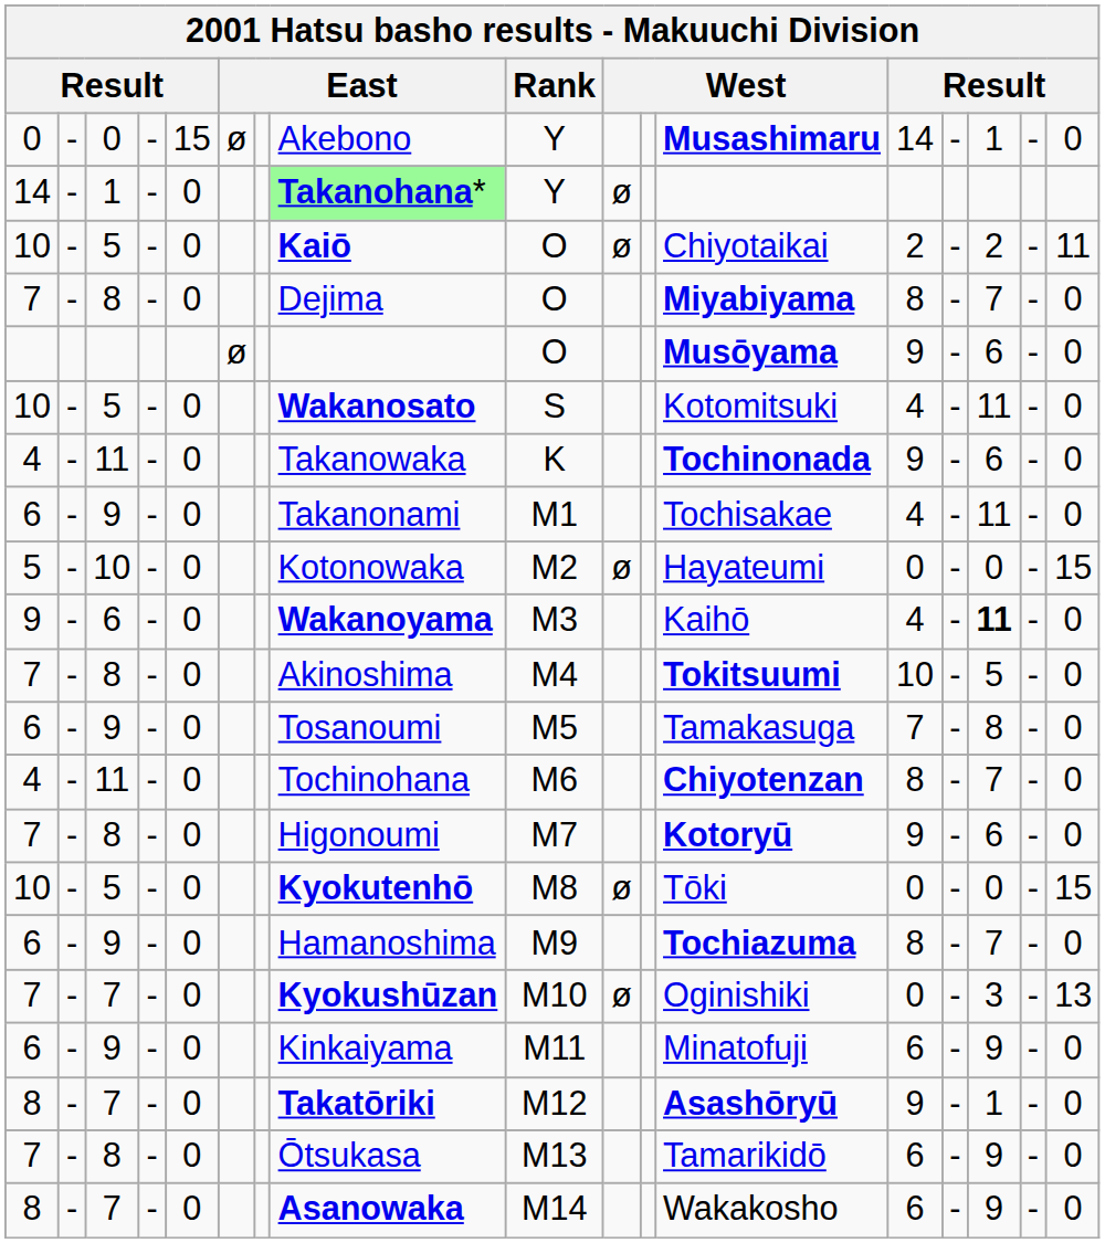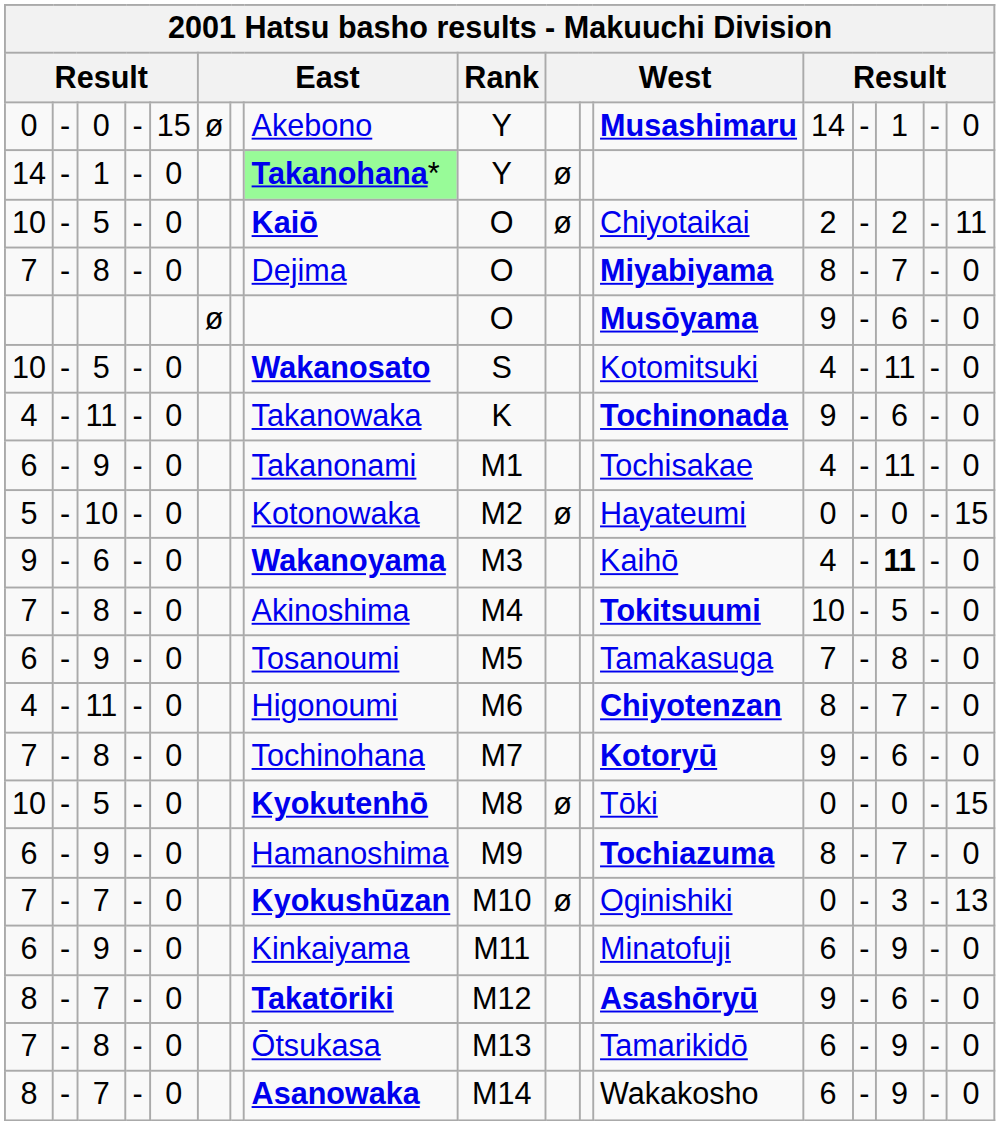 <table class="wikitable">
 <tr>
 <th colspan="17">2001 Hatsu basho results - Makuuchi Division</th>
 </tr>
 <tr>
 <th colspan="5">Result</th>
 <th colspan="3">East</th>
 <th>Rank</th>
 <th colspan="3">West</th>
 <th colspan="5">Result</th>
 </tr>
 <tr>
 <td align=center>0</td>
 <td align=center>-</td>
 <td align=center>0</td>
 <td align=center>-</td>
 <td align=center>15</td>
 <td align=center>ø</td>
 <td align=center></td>
 <td><a href='#'>Akebono</a></td>
 <td align=center>Y</td>
 <td align=center></td>
 <td align=center></td>
 <td><strong><a href='#'>Musashimaru</a></strong></td>
 <td align=center>14</td>
 <td align=center>-</td>
 <td align=center>1</td>
 <td align=center>-</td>
 <td align=center>0</td>
 </tr>
 <tr>
 <td align=center>14</td>
 <td align=center>-</td>
 <td align=center>1</td>
 <td align=center>-</td>
 <td align=center>0</td>
 <td align=center></td>
 <td align=center></td>
 <td style="background: PaleGreen;"><strong><a href='#'>Takanohana</a></strong>*</td>
 <td align=center>Y</td>
 <td align=center>ø</td>
 <td align=center></td>
 <td></td>
 <td align=center></td>
 <td align=center></td>
 <td align=center></td>
 <td align=center></td>
 <td align=center></td>
 </tr>
 <tr>
 <td align=center>10</td>
 <td align=center>-</td>
 <td align=center>5</td>
 <td align=center>-</td>
 <td align=center>0</td>
 <td align=center></td>
 <td align=center></td>
 <td><strong><a href='#'>Kaiō</a></strong></td>
 <td align=center>O</td>
 <td align=center>ø</td>
 <td align=center></td>
 <td><a href='#'>Chiyotaikai</a></td>
 <td align=center>2</td>
 <td align=center>-</td>
 <td align=center>2</td>
 <td align=center>-</td>
 <td align=center>11</td>
 </tr>
 <tr>
 <td align=center>7</td>
 <td align=center>-</td>
 <td align=center>8</td>
 <td align=center>-</td>
 <td align=center>0</td>
 <td align=center></td>
 <td align=center></td>
 <td><a href='#'>Dejima</a></td>
 <td align=center>O</td>
 <td align=center></td>
 <td align=center></td>
 <td><strong><a href='#'>Miyabiyama</a></strong></td>
 <td align=center>8</td>
 <td align=center>-</td>
 <td align=center>7</td>
 <td align=center>-</td>
 <td align=center>0</td>
 </tr>
 <tr>
 <td align=center></td>
 <td align=center></td>
 <td align=center></td>
 <td align=center></td>
 <td align=center></td>
 <td align=center>ø</td>
 <td align=center></td>
 <td></td>
 <td align=center>O</td>
 <td align=center></td>
 <td align=center></td>
 <td><strong><a href='#'>Musōyama</a></strong></td>
 <td align=center>9</td>
 <td align=center>-</td>
 <td align=center>6</td>
 <td align=center>-</td>
 <td align=center>0</td>
 </tr>
 <tr>
 <td align=center>10</td>
 <td align=center>-</td>
 <td align=center>5</td>
 <td align=center>-</td>
 <td align=center>0</td>
 <td align=center></td>
 <td align=center></td>
 <td><strong><a href='#'>Wakanosato</a></strong></td>
 <td align=center>S</td>
 <td align=center></td>
 <td align=center></td>
 <td><a href='#'>Kotomitsuki</a></td>
 <td align=center>4</td>
 <td align=center>-</td>
 <td align=center>11</td>
 <td align=center>-</td>
 <td align=center>0</td>
 </tr>
 <tr>
 <td align=center>4</td>
 <td align=center>-</td>
 <td align=center>11</td>
 <td align=center>-</td>
 <td align=center>0</td>
 <td align=center></td>
 <td align=center></td>
 <td><a href='#'>Takanowaka</a></td>
 <td align=center>K</td>
 <td align=center></td>
 <td align=center></td>
 <td><strong><a href='#'>Tochinonada</a></strong></td>
 <td align=center>9</td>
 <td align=center>-</td>
 <td align=center>6</td>
 <td align=center>-</td>
 <td align=center>0</td>
 </tr>
 <tr>
 <td align=center>6</td>
 <td align=center>-</td>
 <td align=center>9</td>
 <td align=center>-</td>
 <td align=center>0</td>
 <td align=center></td>
 <td align=center></td>
 <td><a href='#'>Takanonami</a></td>
 <td align=center>M1</td>
 <td align=center></td>
 <td align=center></td>
 <td><a href='#'>Tochisakae</a></td>
 <td align=center>4</td>
 <td align=center>-</td>
 <td align=center>11</td>
 <td align=center>-</td>
 <td align=center>0</td>
 </tr>
 <tr>
 <td align=center>5</td>
 <td align=center>-</td>
 <td align=center>10</td>
 <td align=center>-</td>
 <td align=center>0</td>
 <td align=center></td>
 <td align=center></td>
 <td><a href='#'>Kotonowaka</a></td>
 <td align=center>M2</td>
 <td align=center>ø</td>
 <td align=center></td>
 <td><a href='#'>Hayateumi</a></td>
 <td align=center>0</td>
 <td align=center>-</td>
 <td align=center>0</td>
 <td align=center>-</td>
 <td align=center>15</td>
 </tr>
 <tr>
 <td align=center>9</td>
 <td align=center>-</td>
 <td align=center>6</td>
 <td align=center>-</td>
 <td align=center>0</td>
 <td align=center></td>
 <td align=center></td>
 <td><strong><a href='#'>Wakanoyama</a></strong></td>
 <td align=center>M3</td>
 <td align=center></td>
 <td align=center></td>
 <td><a href='#'>Kaihō</a></td>
 <td align=center>4</td>
 <td align=center>-</td>
 <td align=center><strong>11</strong></td>
 <td align=center>-</td>
 <td align=center>0</td>
 </tr>
 <tr>
 <td align=center>7</td>
 <td align=center>-</td>
 <td align=center>8</td>
 <td align=center>-</td>
 <td align=center>0</td>
 <td align=center></td>
 <td align=center></td>
 <td><a href='#'>Akinoshima</a></td>
 <td align=center>M4</td>
 <td align=center></td>
 <td align=center></td>
 <td><strong><a href='#'>Tokitsuumi</a></strong></td>
 <td align=center>10</td>
 <td align=center>-</td>
 <td align=center>5</td>
 <td align=center>-</td>
 <td align=center>0</td>
 </tr>
 <tr>
 <td align=center>6</td>
 <td align=center>-</td>
 <td align=center>9</td>
 <td align=center>-</td>
 <td align=center>0</td>
 <td align=center></td>
 <td align=center></td>
 <td><a href='#'>Tosanoumi</a></td>
 <td align=center>M5</td>
 <td align=center></td>
 <td align=center></td>
 <td><a href='#'>Tamakasuga</a></td>
 <td align=center>7</td>
 <td align=center>-</td>
 <td align=center>8</td>
 <td align=center>-</td>
 <td align=center>0</td>
 </tr>
 <tr>
 <td align=center>4</td>
 <td align=center>-</td>
 <td align=center>11</td>
 <td align=center>-</td>
 <td align=center>0</td>
 <td align=center></td>
 <td align=center></td>
-<td><a href='#'>Tochinohana</a></td>
+<td><a href='#'>Higonoumi</a></td>
 <td align=center>M6</td>
 <td align=center></td>
 <td align=center></td>
 <td><strong><a href='#'>Chiyotenzan</a></strong></td>
 <td align=center>8</td>
 <td align=center>-</td>
 <td align=center>7</td>
 <td align=center>-</td>
 <td align=center>0</td>
 </tr>
 <tr>
 <td align=center>7</td>
 <td align=center>-</td>
 <td align=center>8</td>
 <td align=center>-</td>
 <td align=center>0</td>
 <td align=center></td>
 <td align=center></td>
-<td><a href='#'>Higonoumi</a></td>
+<td><a href='#'>Tochinohana</a></td>
 <td align=center>M7</td>
 <td align=center></td>
 <td align=center></td>
 <td><strong><a href='#'>Kotoryū</a></strong></td>
 <td align=center>9</td>
 <td align=center>-</td>
 <td align=center>6</td>
 <td align=center>-</td>
 <td align=center>0</td>
 </tr>
 <tr>
 <td align=center>10</td>
 <td align=center>-</td>
 <td align=center>5</td>
 <td align=center>-</td>
 <td align=center>0</td>
 <td align=center></td>
 <td align=center></td>
 <td><strong><a href='#'>Kyokutenhō</a></strong></td>
 <td align=center>M8</td>
 <td align=center>ø</td>
 <td align=center></td>
 <td><a href='#'>Tōki</a></td>
 <td align=center>0</td>
 <td align=center>-</td>
 <td align=center>0</td>
 <td align=center>-</td>
 <td align=center>15</td>
 </tr>
 <tr>
 <td align=center>6</td>
 <td align=center>-</td>
 <td align=center>9</td>
 <td align=center>-</td>
 <td align=center>0</td>
 <td align=center></td>
 <td align=center></td>
 <td><a href='#'>Hamanoshima</a></td>
 <td align=center>M9</td>
 <td align=center></td>
 <td align=center></td>
 <td><strong><a href='#'>Tochiazuma</a></strong></td>
 <td align=center>8</td>
 <td align=center>-</td>
 <td align=center>7</td>
 <td align=center>-</td>
 <td align=center>0</td>
 </tr>
 <tr>
 <td align=center>7</td>
 <td align=center>-</td>
 <td align=center>7</td>
 <td align=center>-</td>
 <td align=center>0</td>
 <td align=center></td>
 <td align=center></td>
 <td><strong><a href='#'>Kyokushūzan</a></strong></td>
 <td align=center>M10</td>
 <td align=center>ø</td>
 <td align=center></td>
 <td><a href='#'>Oginishiki</a></td>
 <td align=center>0</td>
 <td align=center>-</td>
 <td align=center>3</td>
 <td align=center>-</td>
 <td align=center>13</td>
 </tr>
 <tr>
 <td align=center>6</td>
 <td align=center>-</td>
 <td align=center>9</td>
 <td align=center>-</td>
 <td align=center>0</td>
 <td align=center></td>
 <td align=center></td>
 <td><a href='#'>Kinkaiyama</a></td>
 <td align=center>M11</td>
 <td align=center></td>
 <td align=center></td>
 <td><a href='#'>Minatofuji</a></td>
 <td align=center>6</td>
 <td align=center>-</td>
 <td align=center>9</td>
 <td align=center>-</td>
 <td align=center>0</td>
 </tr>
 <tr>
 <td align=center>8</td>
 <td align=center>-</td>
 <td align=center>7</td>
 <td align=center>-</td>
 <td align=center>0</td>
 <td align=center></td>
 <td align=center></td>
 <td><strong><a href='#'>Takatōriki</a></strong></td>
 <td align=center>M12</td>
 <td align=center></td>
 <td align=center></td>
 <td><strong><a href='#'>Asashōryū</a></strong></td>
 <td align=center>9</td>
 <td align=center>-</td>
-<td align=center>1</td>
+<td align=center>6</td>
 <td align=center>-</td>
 <td align=center>0</td>
 </tr>
 <tr>
 <td align=center>7</td>
 <td align=center>-</td>
 <td align=center>8</td>
 <td align=center>-</td>
 <td align=center>0</td>
 <td align=center></td>
 <td align=center></td>
 <td><a href='#'>Ōtsukasa</a></td>
 <td align=center>M13</td>
 <td align=center></td>
 <td align=center></td>
 <td><a href='#'>Tamarikidō</a></td>
 <td align=center>6</td>
 <td align=center>-</td>
 <td align=center>9</td>
 <td align=center>-</td>
 <td align=center>0</td>
 </tr>
 <tr>
 <td align=center>8</td>
 <td align=center>-</td>
 <td align=center>7</td>
 <td align=center>-</td>
 <td align=center>0</td>
 <td align=center></td>
 <td align=center></td>
 <td><strong><a href='#'>Asanowaka</a></strong></td>
 <td align=center>M14</td>
 <td align=center></td>
 <td align=center></td>
 <td>Wakakosho</td>
 <td align=center>6</td>
 <td align=center>-</td>
 <td align=center>9</td>
 <td align=center>-</td>
 <td align=center>0</td>
 </tr>
 </table>
